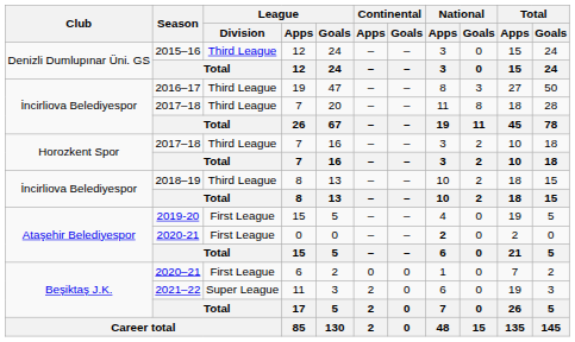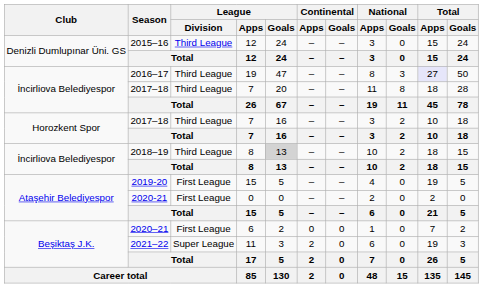 <table class="wikitable" style="text-align: center;">
 <tr>
 <th rowspan=2>Club</th>
 <th rowspan=2>Season</th>
 <th colspan=3>League</th>
 <th colspan=2>Continental</th>
 <th colspan=2>National</th>
 <th colspan=2>Total</th>
 </tr>
 <tr>
 <th>Division</th>
 <th>Apps</th>
 <th>Goals</th>
 <th>Apps</th>
 <th>Goals</th>
 <th>Apps</th>
 <th>Goals</th>
 <th>Apps</th>
 <th>Goals</th>
 </tr>
 <tr>
 <td rowspan=2>Denizli Dumlupınar Üni. GS</td>
 <td>2015–16</td>
 <td><a href='#'>Third League</a></td>
 <td>12</td>
 <td>24</td>
 <td>–</td>
 <td>–</td>
 <td>3</td>
 <td>0</td>
 <td>15</td>
 <td>24</td>
 </tr>
 <tr>
 <th colspan=2>Total</th>
 <th>12</th>
 <th>24</th>
 <th>–</th>
 <th>–</th>
 <th>3</th>
 <th>0</th>
 <th>15</th>
 <th>24</th>
 </tr>
 <tr>
 <td rowspan=3>İncirliova Belediyespor</td>
 <td>2016–17</td>
 <td>Third League</td>
 <td>19</td>
 <td>47</td>
 <td>–</td>
 <td>–</td>
 <td>8</td>
 <td>3</td>
-<td>27</td>
+<td style="background: lavender;">27</td>
 <td>50</td>
 </tr>
 <tr>
 <td>2017–18</td>
 <td>Third League</td>
 <td>7</td>
 <td>20</td>
 <td>–</td>
 <td>–</td>
 <td>11</td>
 <td>8</td>
 <td>18</td>
 <td>28</td>
 </tr>
 <tr>
 <th colspan=2>Total</th>
 <th>26</th>
 <th>67</th>
 <th>–</th>
 <th>–</th>
 <th>19</th>
 <th>11</th>
 <th>45</th>
 <th>78</th>
 </tr>
 <tr>
 <td rowspan=2>Horozkent Spor</td>
 <td>2017–18</td>
 <td>Third League</td>
 <td>7</td>
 <td>16</td>
 <td>–</td>
 <td>–</td>
 <td>3</td>
 <td>2</td>
 <td>10</td>
 <td>18</td>
 </tr>
 <tr>
 <th colspan=2>Total</th>
 <th>7</th>
 <th>16</th>
 <th>–</th>
 <th>–</th>
 <th>3</th>
 <th>2</th>
 <th>10</th>
 <th>18</th>
 </tr>
 <tr>
 <td rowspan=2>İncirliova Belediyespor</td>
 <td>2018–19</td>
 <td>Third League</td>
 <td>8</td>
-<td>13</td>
+<td style="background: lightgrey;">13</td>
 <td>–</td>
 <td>–</td>
 <td>10</td>
 <td>2</td>
 <td>18</td>
 <td>15</td>
 </tr>
 <tr>
 <th colspan=2>Total</th>
 <th>8</th>
 <th>13</th>
 <th>–</th>
 <th>–</th>
 <th>10</th>
 <th>2</th>
 <th>18</th>
 <th>15</th>
 </tr>
 <tr>
 <td rowspan=3><a href='#'>Ataşehir Belediyespor</a></td>
 <td><a href='#'>2019-20</a></td>
 <td>First League</td>
 <td>15</td>
 <td>5</td>
 <td>–</td>
 <td>–</td>
 <td>4</td>
 <td>0</td>
 <td>19</td>
 <td>5</td>
 </tr>
 <tr>
 <td><a href='#'>2020-21</a></td>
 <td>First League</td>
 <td>0</td>
 <td>0</td>
 <td>–</td>
 <td>–</td>
-<td><strong>2</strong></td>
+<td>2</td>
 <td>0</td>
 <td>2</td>
 <td>0</td>
 </tr>
 <tr>
 <th colspan=2>Total</th>
 <th>15</th>
 <th>5</th>
 <th>–</th>
 <th>–</th>
 <th>6</th>
 <th>0</th>
 <th>21</th>
 <th>5</th>
 </tr>
 <tr>
 <td rowspan=3><a href='#'>Beşiktaş J.K.</a></td>
 <td><a href='#'>2020–21</a></td>
 <td>First League</td>
 <td>6</td>
 <td>2</td>
 <td>0</td>
 <td>0</td>
 <td>1</td>
 <td>0</td>
 <td>7</td>
 <td>2</td>
 </tr>
 <tr>
 <td><a href='#'>2021–22</a></td>
 <td>Super League</td>
 <td>11</td>
 <td>3</td>
 <td>2</td>
 <td>0</td>
 <td>6</td>
 <td>0</td>
 <td>19</td>
 <td>3</td>
 </tr>
 <tr>
 <th colspan=2>Total</th>
 <th>17</th>
 <th>5</th>
 <th>2</th>
 <th>0</th>
 <th>7</th>
 <th>0</th>
 <th>26</th>
 <th>5</th>
 </tr>
 <tr>
 <th colspan=3>Career total</th>
 <th>85</th>
 <th>130</th>
 <th>2</th>
 <th>0</th>
 <th>48</th>
 <th>15</th>
 <th>135</th>
 <th>145</th>
 </tr>
 </table>
